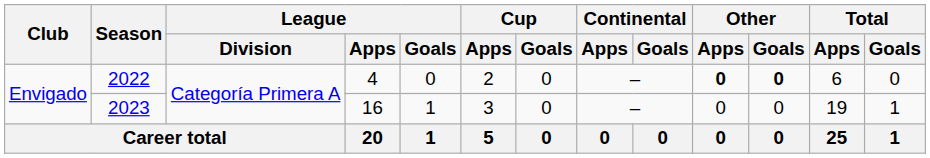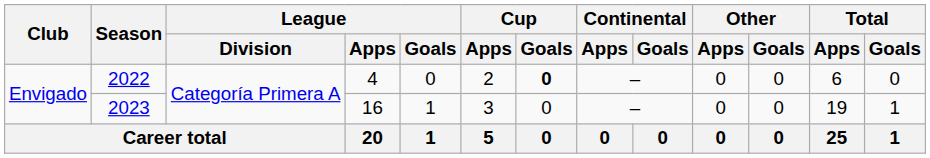 <table class=wikitable style=text-align:center>
 <tr>
 <th rowspan="2">Club</th>
 <th rowspan="2">Season</th>
 <th colspan="3">League</th>
 <th colspan="2">Cup</th>
 <th colspan="2">Continental</th>
 <th colspan="2">Other</th>
 <th colspan="2">Total</th>
 </tr>
 <tr>
 <th>Division</th>
 <th>Apps</th>
 <th>Goals</th>
 <th>Apps</th>
 <th>Goals</th>
 <th>Apps</th>
 <th>Goals</th>
 <th>Apps</th>
 <th>Goals</th>
 <th>Apps</th>
 <th>Goals</th>
 </tr>
 <tr>
 <td rowspan="2"><a href='#'>Envigado</a></td>
 <td><a href='#'>2022</a></td>
 <td rowspan="2"><a href='#'>Categoría Primera A</a></td>
 <td>4</td>
 <td>0</td>
 <td>2</td>
+<td><strong>0</strong></td>
+<td colspan="2">–</td>
 <td>0</td>
-<td colspan="2">–</td>
-<td><strong>0</strong></td>
-<td><strong>0</strong></td>
+<td>0</td>
 <td>6</td>
 <td>0</td>
 </tr>
 <tr>
 <td><a href='#'>2023</a></td>
 <td>16</td>
 <td>1</td>
 <td>3</td>
 <td>0</td>
 <td colspan="2">–</td>
 <td>0</td>
 <td>0</td>
 <td>19</td>
 <td>1</td>
 </tr>
 <tr>
 <th colspan="3"><strong>Career total</strong></th>
 <th>20</th>
 <th>1</th>
 <th>5</th>
 <th>0</th>
 <th>0</th>
 <th>0</th>
 <th>0</th>
 <th>0</th>
 <th>25</th>
 <th>1</th>
 </tr>
 </table>
